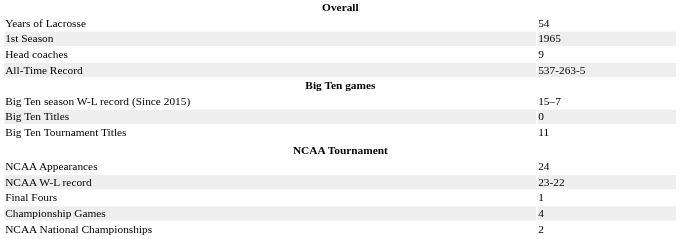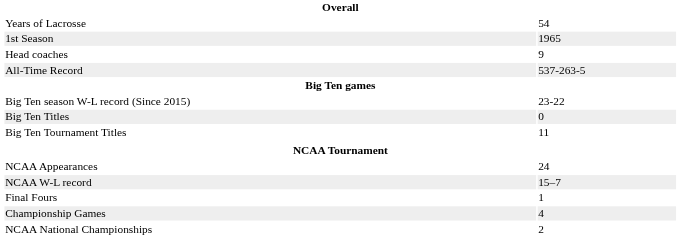 <table width=60% class="toccolours">
 <tr>
 <th colspan=2>Overall</th>
 </tr>
 <tr>
 <td>Years of Lacrosse</td>
 <td>54</td>
 </tr>
 <tr bgcolor=#eeeeee>
 <td>1st Season</td>
 <td>1965</td>
 </tr>
 <tr>
 <td>Head coaches</td>
 <td>9</td>
 </tr>
 <tr bgcolor=#eeeeee>
 <td>All-Time Record</td>
 <td>537-263-5</td>
 </tr>
 <tr>
 <th colspan=2>Big Ten games</th>
 </tr>
 <tr>
 <td>Big Ten season W-L record (Since 2015)</td>
-<td>15–7</td>
+<td>23-22</td>
 </tr>
 <tr bgcolor=#eeeeee>
 <td>Big Ten Titles</td>
 <td>0</td>
 </tr>
 <tr>
 <td>Big Ten Tournament Titles</td>
 <td>11</td>
 </tr>
 <tr>
 </tr>
 <tr bgcolor=#eeeeee>
 </tr>
 <tr>
 <th colspan=2>NCAA Tournament</th>
 </tr>
 <tr>
 <td>NCAA Appearances</td>
 <td>24</td>
 </tr>
 <tr bgcolor=#eeeeee>
 <td>NCAA W-L record</td>
-<td>23-22</td>
+<td>15–7</td>
 </tr>
 <tr>
 <td>Final Fours</td>
 <td>1</td>
 </tr>
 <tr bgcolor=#eeeeee>
 <td>Championship Games</td>
 <td>4</td>
 </tr>
 <tr>
 <td>NCAA National Championships</td>
 <td>2</td>
 </tr>
 </table>
